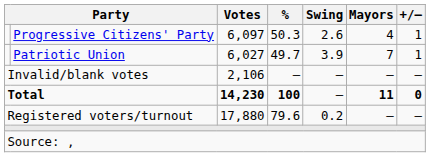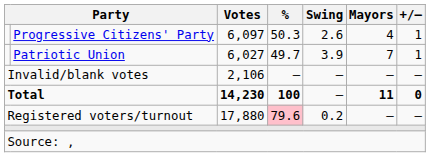 <table class="wikitable" style="text-align:right">
 <tr>
 <th colspan="2">Party</th>
 <th>Votes</th>
 <th>%</th>
 <th>Swing</th>
 <th>Mayors</th>
 <th>+/–</th>
 </tr>
 <tr>
 <td></td>
 <td align="left"><a href='#'>Progressive Citizens' Party</a></td>
 <td>6,097</td>
 <td>50.3</td>
 <td> 2.6</td>
 <td>4</td>
 <td> 1</td>
 </tr>
 <tr>
 <td></td>
 <td align="left"><a href='#'>Patriotic Union</a></td>
 <td>6,027</td>
 <td>49.7</td>
 <td> 3.9</td>
 <td>7</td>
 <td> 1</td>
 </tr>
 <tr>
 <td colspan="2" align="left">Invalid/blank votes</td>
 <td>2,106</td>
 <td>–</td>
 <td>–</td>
 <td>–</td>
 <td>–</td>
 </tr>
 <tr>
 <td colspan="2" align="left"><strong>Total</strong></td>
 <td><strong>14,230</strong></td>
 <td><strong>100</strong></td>
 <td>–</td>
 <td><strong>11</strong></td>
 <td><strong>0</strong></td>
 </tr>
 <tr>
 <td colspan="2" align="left">Registered voters/turnout</td>
 <td>17,880</td>
-<td>79.6</td>
+<td style="background: pink;">79.6</td>
 <td> 0.2</td>
 <td>–</td>
 <td>–</td>
 </tr>
 <tr>
 <td colspan="7" style="color:inherit;background:#E9E9E9"></td>
 </tr>
 <tr>
 <td colspan="7" align="left">Source: , </td>
 </tr>
 </table>
